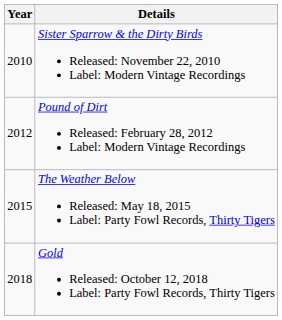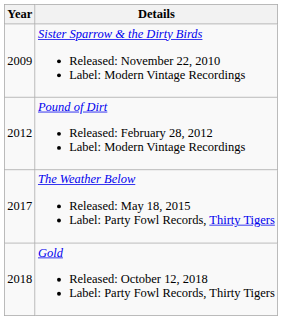 <table class=wikitable style=text-align:center;>
 <tr>
 <th>Year</th>
 <th>Details</th>
 </tr>
 <tr>
-<td>2010</td>
+<td>2009</td>
 <td align=left><em><a href='#'>Sister Sparrow & the Dirty Birds</a></em><br><ul><li>Released: November 22, 2010</li><li>Label: Modern Vintage Recordings</li></ul></td>
 </tr>
 <tr>
 <td>2012</td>
 <td align=left><em><a href='#'>Pound of Dirt</a></em><br><ul><li>Released: February 28, 2012</li><li>Label: Modern Vintage Recordings</li></ul></td>
 </tr>
 <tr>
-<td>2015</td>
+<td>2017</td>
 <td align=left><em><a href='#'>The Weather Below</a></em><br><ul><li>Released: May 18, 2015</li><li>Label: Party Fowl Records, <a href='#'>Thirty Tigers</a></li></ul></td>
 </tr>
 <tr>
 <td>2018</td>
 <td align=left><em><a href='#'>Gold</a></em><br><ul><li>Released: October 12, 2018</li><li>Label: Party Fowl Records, Thirty Tigers</li></ul></td>
 </tr>
 </table>
